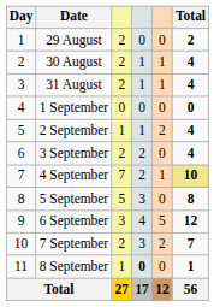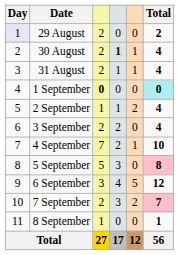 <table class=wikitable style="font-size:85%; float:right; text-align:center">
 <tr>
 <th>Day</th>
 <th>Date</th>
 <td bgcolor=F7F6A8></td>
 <td bgcolor=DCE5E5></td>
 <td bgcolor=FFDAB9></td>
 <th>Total</th>
 </tr>
 <tr>
-<td>1</td>
+<td style="background: lavender;">1</td>
 <td>29 August</td>
 <td bgcolor=F7F6A8>2</td>
 <td bgcolor=DCE5E5>0</td>
 <td bgcolor=FFDAB9>0</td>
 <td><strong>2</strong></td>
 </tr>
 <tr>
 <td>2</td>
 <td>30 August</td>
 <td bgcolor=F7F6A8>2</td>
-<td bgcolor=DCE5E5>1</td>
+<td bgcolor=DCE5E5><strong>1</strong></td>
 <td bgcolor=FFDAB9>1</td>
 <td><strong>4</strong></td>
 </tr>
 <tr>
 <td>3</td>
 <td>31 August</td>
 <td bgcolor=F7F6A8>2</td>
 <td bgcolor=DCE5E5>1</td>
 <td bgcolor=FFDAB9>1</td>
 <td><strong>4</strong></td>
 </tr>
 <tr>
 <td>4</td>
 <td>1 September</td>
-<td bgcolor=F7F6A8>0</td>
+<td bgcolor=F7F6A8><strong>0</strong></td>
 <td bgcolor=DCE5E5>0</td>
 <td bgcolor=FFDAB9>0</td>
-<td><strong>0</strong></td>
+<td style="background: paleturquoise;"><strong>0</strong></td>
 </tr>
 <tr>
 <td>5</td>
 <td>2 September</td>
 <td bgcolor=F7F6A8>1</td>
 <td bgcolor=DCE5E5>1</td>
 <td bgcolor=FFDAB9>2</td>
 <td><strong>4</strong></td>
 </tr>
 <tr>
 <td>6</td>
 <td>3 September</td>
 <td bgcolor=F7F6A8>2</td>
 <td bgcolor=DCE5E5>2</td>
 <td bgcolor=FFDAB9>0</td>
 <td><strong>4</strong></td>
 </tr>
 <tr>
 <td>7</td>
 <td>4 September</td>
 <td bgcolor=F7F6A8>7</td>
 <td bgcolor=DCE5E5>2</td>
 <td bgcolor=FFDAB9>1</td>
-<td style="background: khaki;"><strong>10</strong></td>
+<td><strong>10</strong></td>
 </tr>
 <tr>
 <td>8</td>
 <td>5 September</td>
 <td bgcolor=F7F6A8>5</td>
 <td bgcolor=DCE5E5>3</td>
 <td bgcolor=FFDAB9>0</td>
-<td><strong>8</strong></td>
+<td style="background: pink;"><strong>8</strong></td>
 </tr>
 <tr>
 <td>9</td>
 <td>6 September</td>
 <td bgcolor=F7F6A8>3</td>
 <td bgcolor=DCE5E5>4</td>
 <td bgcolor=FFDAB9>5</td>
 <td><strong>12</strong></td>
 </tr>
 <tr>
 <td>10</td>
 <td>7 September</td>
 <td bgcolor=F7F6A8>2</td>
 <td bgcolor=DCE5E5>3</td>
 <td bgcolor=FFDAB9>2</td>
-<td><strong>7</strong></td>
+<td style="background: pink;"><strong>7</strong></td>
 </tr>
 <tr>
 <td>11</td>
 <td>8 September</td>
 <td bgcolor=F7F6A8>1</td>
-<td bgcolor=DCE5E5><strong>0</strong></td>
+<td bgcolor=DCE5E5>0</td>
 <td bgcolor=FFDAB9>0</td>
 <td><strong>1</strong></td>
 </tr>
 <tr>
 <th colspan=2>Total</th>
 <th style=background:gold>27</th>
 <th style=background:silver>17</th>
 <th style=background:#c96>12</th>
 <th>56</th>
 </tr>
 </table>
